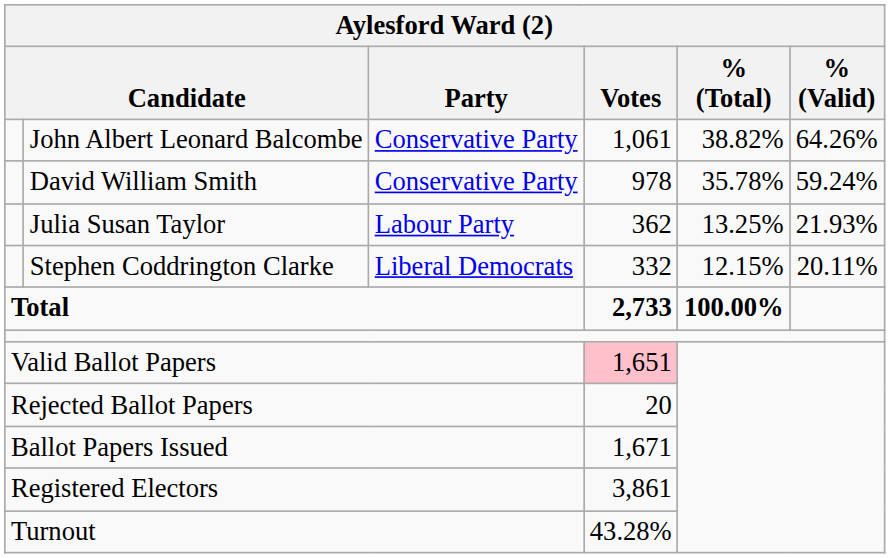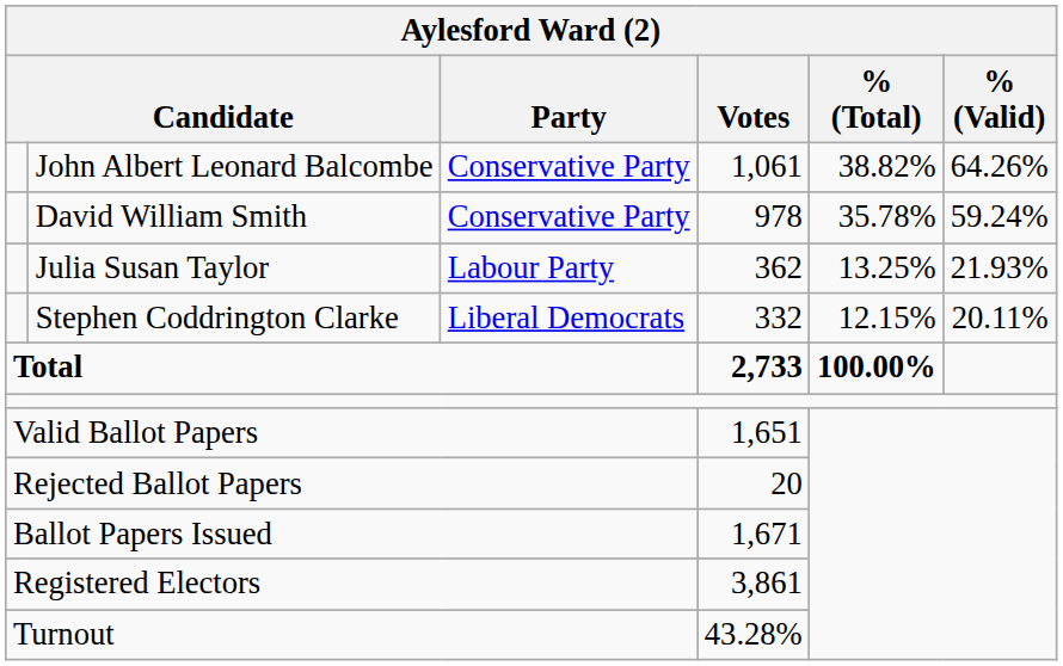 <table class="wikitable" border="1" style="text-align:right; font-size:100%">
 <tr>
 <th align=center colspan=6>Aylesford Ward (2)</th>
 </tr>
 <tr>
 <th valign=bottom align=left colspan=2>Candidate</th>
 <th valign=bottom align=left>Party</th>
 <th valign=bottom align=center>Votes</th>
 <th align=center>%<br>(Total)</th>
 <th align=center>%<br>(Valid)</th>
 </tr>
 <tr>
 <td bgcolor=> </td>
 <td align=left>John Albert Leonard Balcombe</td>
 <td align=left><a href='#'>Conservative Party</a></td>
 <td>1,061</td>
 <td>38.82%</td>
 <td>64.26%</td>
 </tr>
 <tr>
 <td bgcolor=> </td>
 <td align=left>David William Smith</td>
 <td align=left><a href='#'>Conservative Party</a></td>
 <td>978</td>
 <td>35.78%</td>
 <td>59.24%</td>
 </tr>
 <tr>
 <td bgcolor=> </td>
 <td align=left>Julia Susan Taylor</td>
 <td align=left><a href='#'>Labour Party</a></td>
 <td>362</td>
 <td>13.25%</td>
 <td>21.93%</td>
 </tr>
 <tr>
 <td bgcolor=> </td>
 <td align=left>Stephen Coddrington Clarke</td>
 <td align=left><a href='#'>Liberal Democrats</a></td>
 <td>332</td>
 <td>12.15%</td>
 <td>20.11%</td>
 </tr>
 <tr>
 <td align=left colspan=3><strong>Total</strong></td>
 <td><strong>2,733</strong></td>
 <td><strong>100.00%</strong></td>
 <td></td>
 </tr>
 <tr>
 <td align=left colspan=6></td>
 </tr>
 <tr>
 <td align=left colspan=3>Valid Ballot Papers</td>
-<td style="background: pink;">1,651</td>
+<td>1,651</td>
 <td colspan=2 rowspan=5></td>
 </tr>
 <tr>
 <td align=left colspan=3>Rejected Ballot Papers</td>
 <td>20</td>
 </tr>
 <tr>
 <td align=left colspan=3>Ballot Papers Issued</td>
 <td>1,671</td>
 </tr>
 <tr>
 <td align=left colspan=3>Registered Electors</td>
 <td>3,861</td>
 </tr>
 <tr>
 <td align=left colspan=3>Turnout</td>
 <td>43.28%</td>
 </tr>
 </table>
